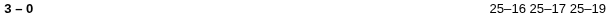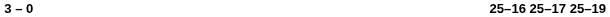 <table width=100% cellspacing=1>
 <tr>
 <th width=20%></th>
 <th width=12%></th>
 <th width=20%></th>
 <th width=33%></th>
 <td></td>
 </tr>
 <tr style=font-size:90%>
 <td align=right><strong></strong></td>
 <td align=center><strong>3 – 0</strong></td>
 <td></td>
-<td>25–16 25–17 25–19</td>
+<td><strong>25–16 25–17 25–19</strong></td>
 </tr>
 </table>
